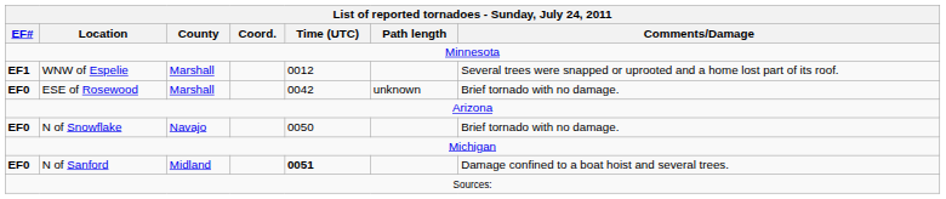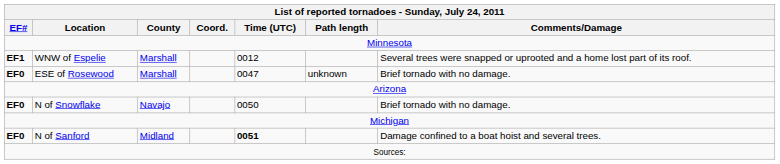 <table class="wikitable collapsible" width="100%">
 <tr>
 <th colspan="7">List of reported tornadoes - Sunday, July 24, 2011</th>
 </tr>
 <tr>
 <th><a href='#'>EF#</a></th>
 <th>Location</th>
 <th>County</th>
 <th>Coord.</th>
 <th>Time (UTC)</th>
 <th>Path length</th>
 <th>Comments/Damage</th>
 </tr>
 <tr>
 <td colspan="7" align=center><a href='#'>Minnesota</a></td>
 </tr>
 <tr>
 <td><strong>EF1</strong></td>
 <td>WNW of <a href='#'>Espelie</a></td>
 <td><a href='#'>Marshall</a></td>
 <td></td>
 <td>0012</td>
 <td></td>
 <td>Several trees were snapped or uprooted and a home lost part of its roof.</td>
 </tr>
 <tr>
 <td><strong>EF0</strong></td>
 <td>ESE of <a href='#'>Rosewood</a></td>
 <td><a href='#'>Marshall</a></td>
 <td></td>
-<td>0042</td>
+<td>0047</td>
 <td>unknown</td>
 <td>Brief tornado with no damage.</td>
 </tr>
 <tr>
 <td colspan="7" align=center><a href='#'>Arizona</a></td>
 </tr>
 <tr>
 <td><strong>EF0</strong></td>
 <td>N of <a href='#'>Snowflake</a></td>
 <td><a href='#'>Navajo</a></td>
 <td></td>
 <td>0050</td>
 <td></td>
 <td>Brief tornado with no damage.</td>
 </tr>
 <tr>
 <td colspan="7" align=center><a href='#'>Michigan</a></td>
 </tr>
 <tr>
 <td><strong>EF0</strong></td>
 <td>N of <a href='#'>Sanford</a></td>
 <td><a href='#'>Midland</a></td>
 <td></td>
 <td><strong>0051</strong></td>
 <td></td>
 <td>Damage confined to a boat hoist and several trees.</td>
 </tr>
 <tr>
 <td colspan="7" align=center><small>Sources:  </small></td>
 </tr>
 </table>
